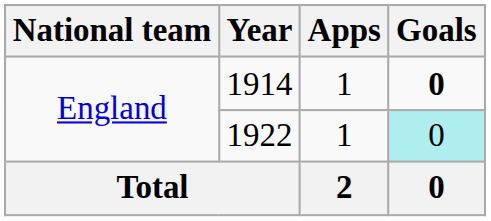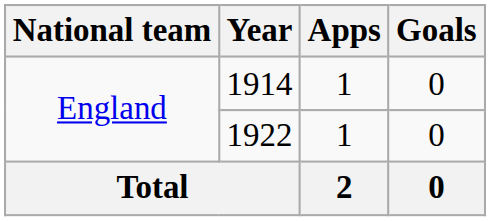 <table class="wikitable" style="text-align: center;">
 <tr>
 <th>National team</th>
 <th>Year</th>
 <th>Apps</th>
 <th>Goals</th>
 </tr>
 <tr>
 <td rowspan="2"><a href='#'>England</a></td>
 <td>1914</td>
 <td>1</td>
-<td><strong>0</strong></td>
+<td>0</td>
 </tr>
 <tr>
 <td>1922</td>
 <td>1</td>
-<td style="background: paleturquoise;">0</td>
+<td>0</td>
 </tr>
 <tr>
 <th colspan="2">Total</th>
 <th>2</th>
 <th>0</th>
 </tr>
 </table>
